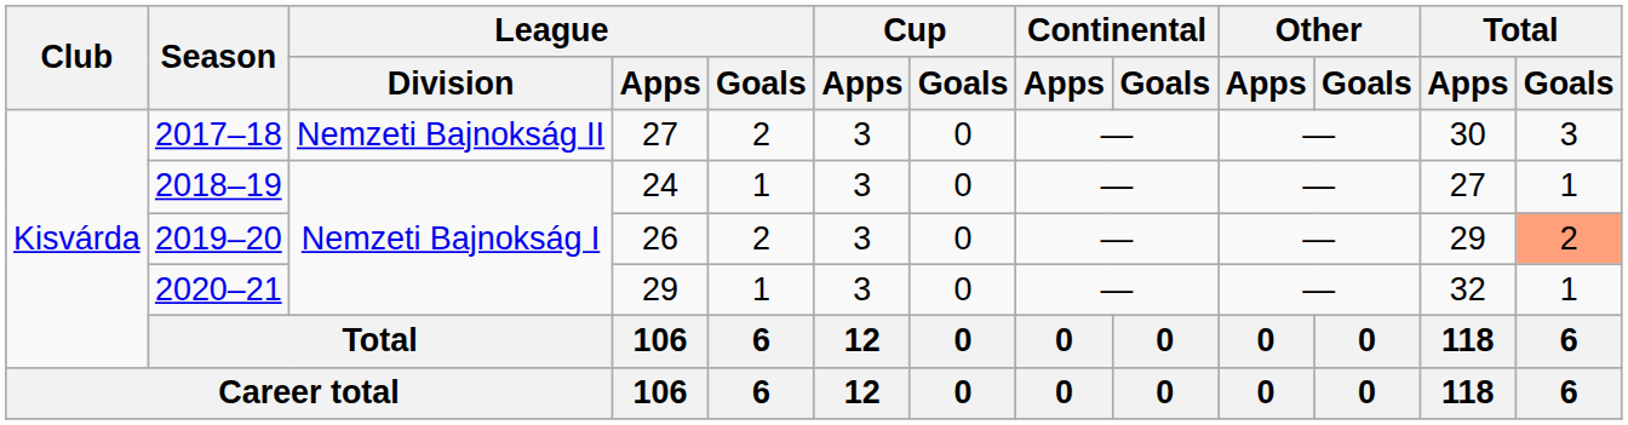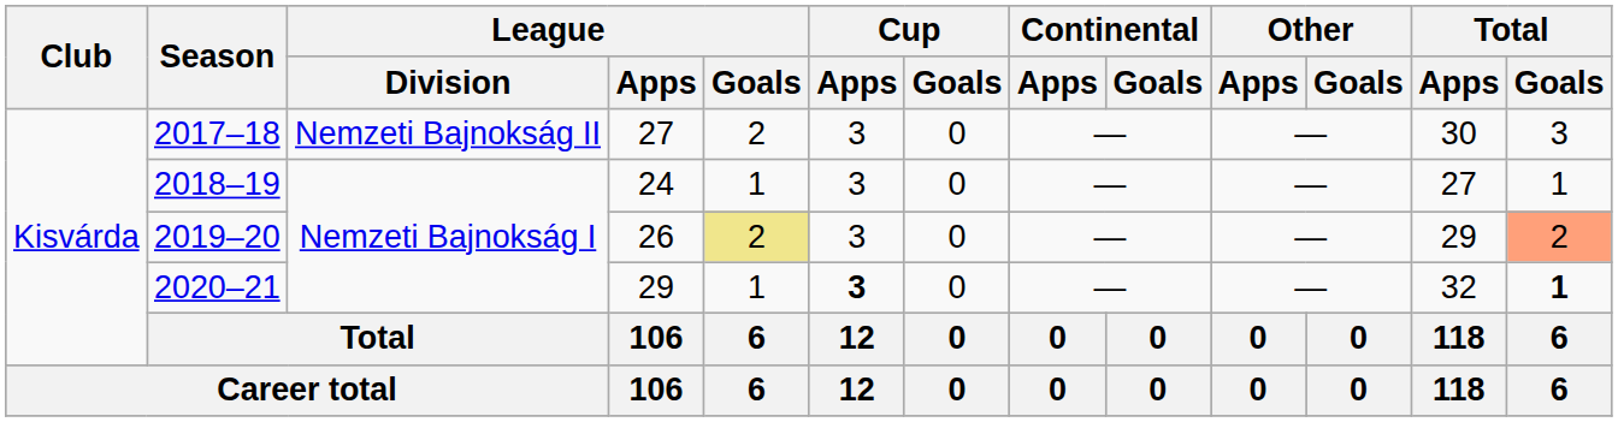 <table class="wikitable" style="text-align:center">
 <tr>
 <th rowspan="2">Club</th>
 <th rowspan="2">Season</th>
 <th colspan="3">League</th>
 <th colspan="2">Cup</th>
 <th colspan="2">Continental</th>
 <th colspan="2">Other</th>
 <th colspan="2">Total</th>
 </tr>
 <tr>
 <th>Division</th>
 <th>Apps</th>
 <th>Goals</th>
 <th>Apps</th>
 <th>Goals</th>
 <th>Apps</th>
 <th>Goals</th>
 <th>Apps</th>
 <th>Goals</th>
 <th>Apps</th>
 <th>Goals</th>
 </tr>
 <tr>
 <td rowspan="5"><a href='#'>Kisvárda</a></td>
 <td><a href='#'>2017–18</a></td>
 <td><a href='#'>Nemzeti Bajnokság II</a></td>
 <td>27</td>
 <td>2</td>
 <td>3</td>
 <td>0</td>
 <td colspan="2">—</td>
 <td colspan="2">—</td>
 <td>30</td>
 <td>3</td>
 </tr>
 <tr>
 <td><a href='#'>2018–19</a></td>
 <td rowspan="3"><a href='#'>Nemzeti Bajnokság I</a></td>
 <td>24</td>
 <td>1</td>
 <td>3</td>
 <td>0</td>
 <td colspan="2">—</td>
 <td colspan="2">—</td>
 <td>27</td>
 <td>1</td>
 </tr>
 <tr>
 <td><a href='#'>2019–20</a></td>
 <td>26</td>
-<td>2</td>
+<td style="background: khaki;">2</td>
 <td>3</td>
 <td>0</td>
 <td colspan="2">—</td>
 <td colspan="2">—</td>
 <td>29</td>
 <td style="background: lightsalmon;">2</td>
 </tr>
 <tr>
 <td><a href='#'>2020–21</a></td>
 <td>29</td>
 <td>1</td>
-<td>3</td>
+<td><strong>3</strong></td>
 <td>0</td>
 <td colspan="2">—</td>
 <td colspan="2">—</td>
 <td>32</td>
-<td>1</td>
+<td><strong>1</strong></td>
 </tr>
 <tr>
 <th colspan="2">Total</th>
 <th>106</th>
 <th>6</th>
 <th>12</th>
 <th>0</th>
 <th>0</th>
 <th>0</th>
 <th>0</th>
 <th>0</th>
 <th>118</th>
 <th>6</th>
 </tr>
 <tr>
 <th colspan="3">Career total</th>
 <th>106</th>
 <th>6</th>
 <th>12</th>
 <th>0</th>
 <th>0</th>
 <th>0</th>
 <th>0</th>
 <th>0</th>
 <th>118</th>
 <th>6</th>
 </tr>
 </table>
